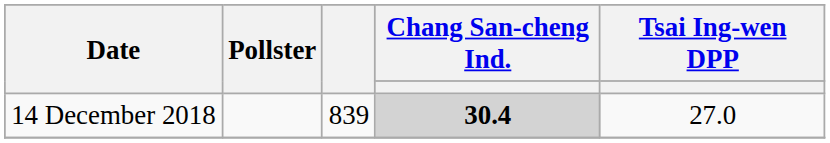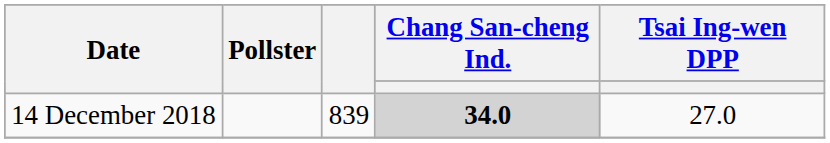 <table class="wikitable sortable collapsible" style="font-size:95%; text-align:center">
 <tr>
 <th rowspan=2>Date</th>
 <th rowspan=2>Pollster</th>
 <th rowspan=2></th>
 <th width=120px><a href='#'>Chang San-cheng</a><br><a href='#'>Ind.</a></th>
 <th width=120px><a href='#'>Tsai Ing-wen</a><br><a href='#'>DPP</a></th>
 </tr>
 <tr>
 <th style="background:"></th>
 <th style="background:"></th>
 </tr>
 <tr>
 <td>14 December 2018</td>
 <td></td>
 <td>839</td>
-<td style="background-color:lightgrey;"><strong>30.4</strong></td>
+<td style="background-color:lightgrey;"><strong>34.0</strong></td>
 <td>27.0</td>
 </tr>
 <tr>
 </tr>
 </table>
